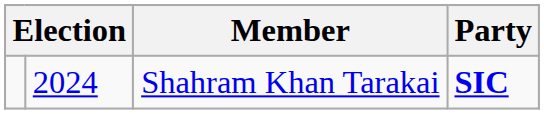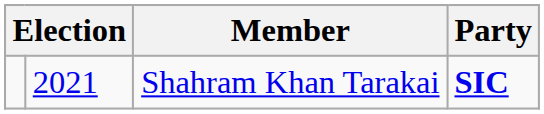 <table class="wikitable">
 <tr>
 <th colspan="2">Election</th>
 <th>Member</th>
 <th>Party</th>
 </tr>
 <tr>
 <td style="background-color: "></td>
-<td><a href='#'>2024</a></td>
+<td><a href='#'>2021</a></td>
 <td><a href='#'>Shahram Khan Tarakai</a></td>
 <td><strong><a href='#'>SIC</a></strong></td>
 </tr>
 </table>
